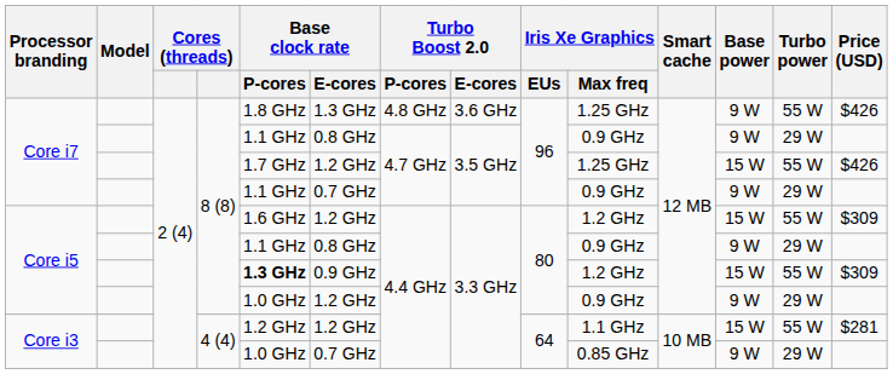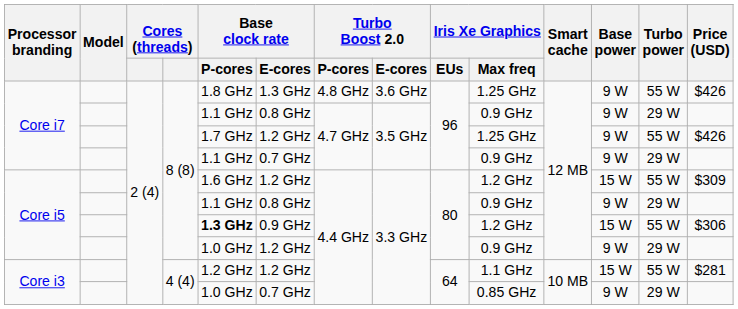 <table class="wikitable sortable" style="text-align: center;">
 <tr>
 <th rowspan="2">Processor<br>branding</th>
 <th rowspan="2">Model</th>
 <th colspan="2"><br><a href='#'>Cores</a><br>(<a href='#'>threads</a>)</th>
 <th colspan="2">Base<br><a href='#'>clock rate</a></th>
 <th colspan="2"><a href='#'>Turbo<br>Boost</a> 2.0</th>
 <th colspan="2"><a href='#'>Iris Xe Graphics</a></th>
 <th rowspan="2">Smart<br>cache</th>
 <th rowspan="2">Base<br>power</th>
 <th rowspan="2">Turbo<br>power</th>
 <th rowspan="2">Price<br>(USD)</th>
 </tr>
 <tr>
 <th></th>
 <th></th>
 <th>P-cores</th>
 <th>E-cores</th>
 <th>P-cores</th>
 <th>E-cores</th>
 <th>EUs</th>
 <th>Max freq</th>
 </tr>
 <tr>
 <td rowspan="4"><a href='#'>Core i7</a></td>
 <td></td>
 <td rowspan="10">2 (4)</td>
 <td rowspan="8">8 (8)</td>
 <td>1.8 GHz</td>
 <td>1.3 GHz</td>
 <td>4.8 GHz</td>
 <td>3.6 GHz</td>
 <td rowspan="4">96</td>
 <td>1.25 GHz</td>
 <td rowspan="8">12 MB</td>
 <td>9 W</td>
 <td>55 W</td>
 <td>$426</td>
 </tr>
 <tr>
 <td></td>
 <td>1.1 GHz</td>
 <td>0.8 GHz</td>
 <td rowspan="3">4.7 GHz</td>
 <td rowspan="3">3.5 GHz</td>
 <td>0.9 GHz</td>
 <td>9 W</td>
 <td>29 W</td>
 <td></td>
 </tr>
 <tr>
 <td></td>
 <td>1.7 GHz</td>
 <td>1.2 GHz</td>
 <td>1.25 GHz</td>
-<td>15 W</td>
+<td>9 W</td>
 <td>55 W</td>
 <td>$426</td>
 </tr>
 <tr>
 <td></td>
 <td>1.1 GHz</td>
 <td>0.7 GHz</td>
 <td>0.9 GHz</td>
 <td>9 W</td>
 <td>29 W</td>
 </tr>
 <tr>
 <td rowspan="4"><a href='#'>Core i5</a></td>
 <td></td>
 <td>1.6 GHz</td>
 <td>1.2 GHz</td>
 <td rowspan="6">4.4 GHz</td>
 <td rowspan="6">3.3 GHz</td>
 <td rowspan="4">80</td>
 <td>1.2 GHz</td>
 <td>15 W</td>
 <td>55 W</td>
 <td>$309</td>
 </tr>
 <tr>
 <td></td>
 <td>1.1 GHz</td>
 <td>0.8 GHz</td>
 <td>0.9 GHz</td>
 <td>9 W</td>
 <td>29 W</td>
 <td></td>
 </tr>
 <tr>
 <td></td>
 <td><strong>1.3 GHz</strong></td>
 <td>0.9 GHz</td>
 <td>1.2 GHz</td>
 <td>15 W</td>
 <td>55 W</td>
-<td>$309</td>
+<td>$306</td>
 </tr>
 <tr>
 <td></td>
 <td>1.0 GHz</td>
 <td>1.2 GHz</td>
 <td>0.9 GHz</td>
 <td>9 W</td>
 <td>29 W</td>
 </tr>
 <tr>
 <td rowspan="2"><a href='#'>Core i3</a></td>
 <td></td>
 <td rowspan="2">4 (4)</td>
 <td>1.2 GHz</td>
 <td>1.2 GHz</td>
 <td rowspan="2">64</td>
 <td>1.1 GHz</td>
 <td rowspan="2">10 MB</td>
 <td>15 W</td>
 <td>55 W</td>
 <td>$281</td>
 </tr>
 <tr>
 <td></td>
 <td>1.0 GHz</td>
 <td>0.7 GHz</td>
 <td>0.85 GHz</td>
 <td>9 W</td>
 <td>29 W</td>
 <td></td>
 </tr>
 </table>
